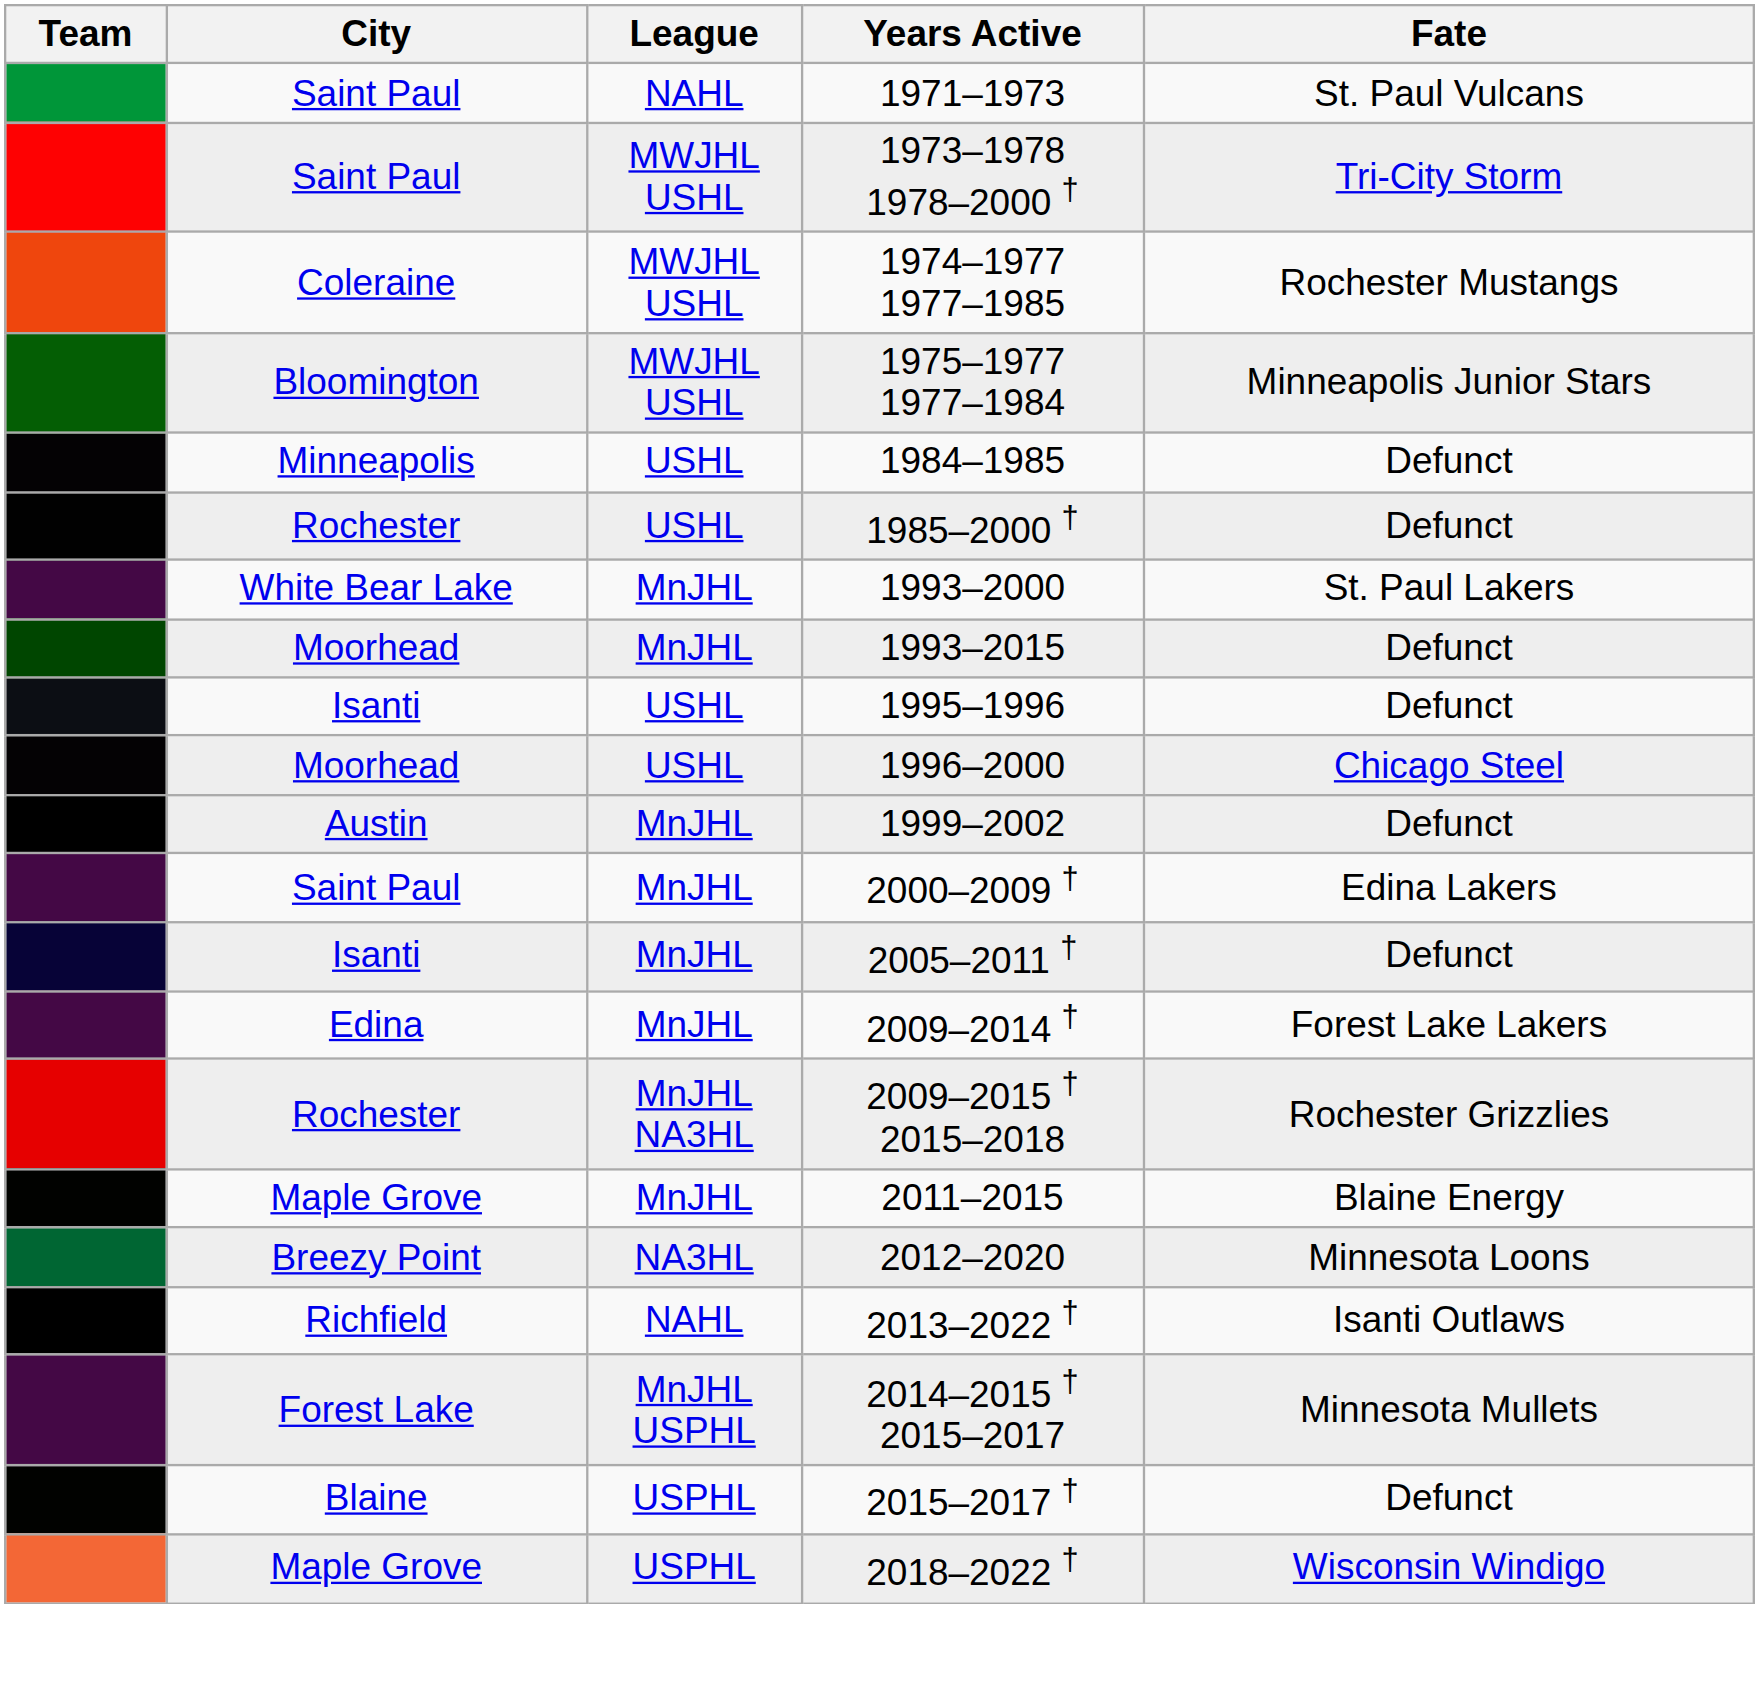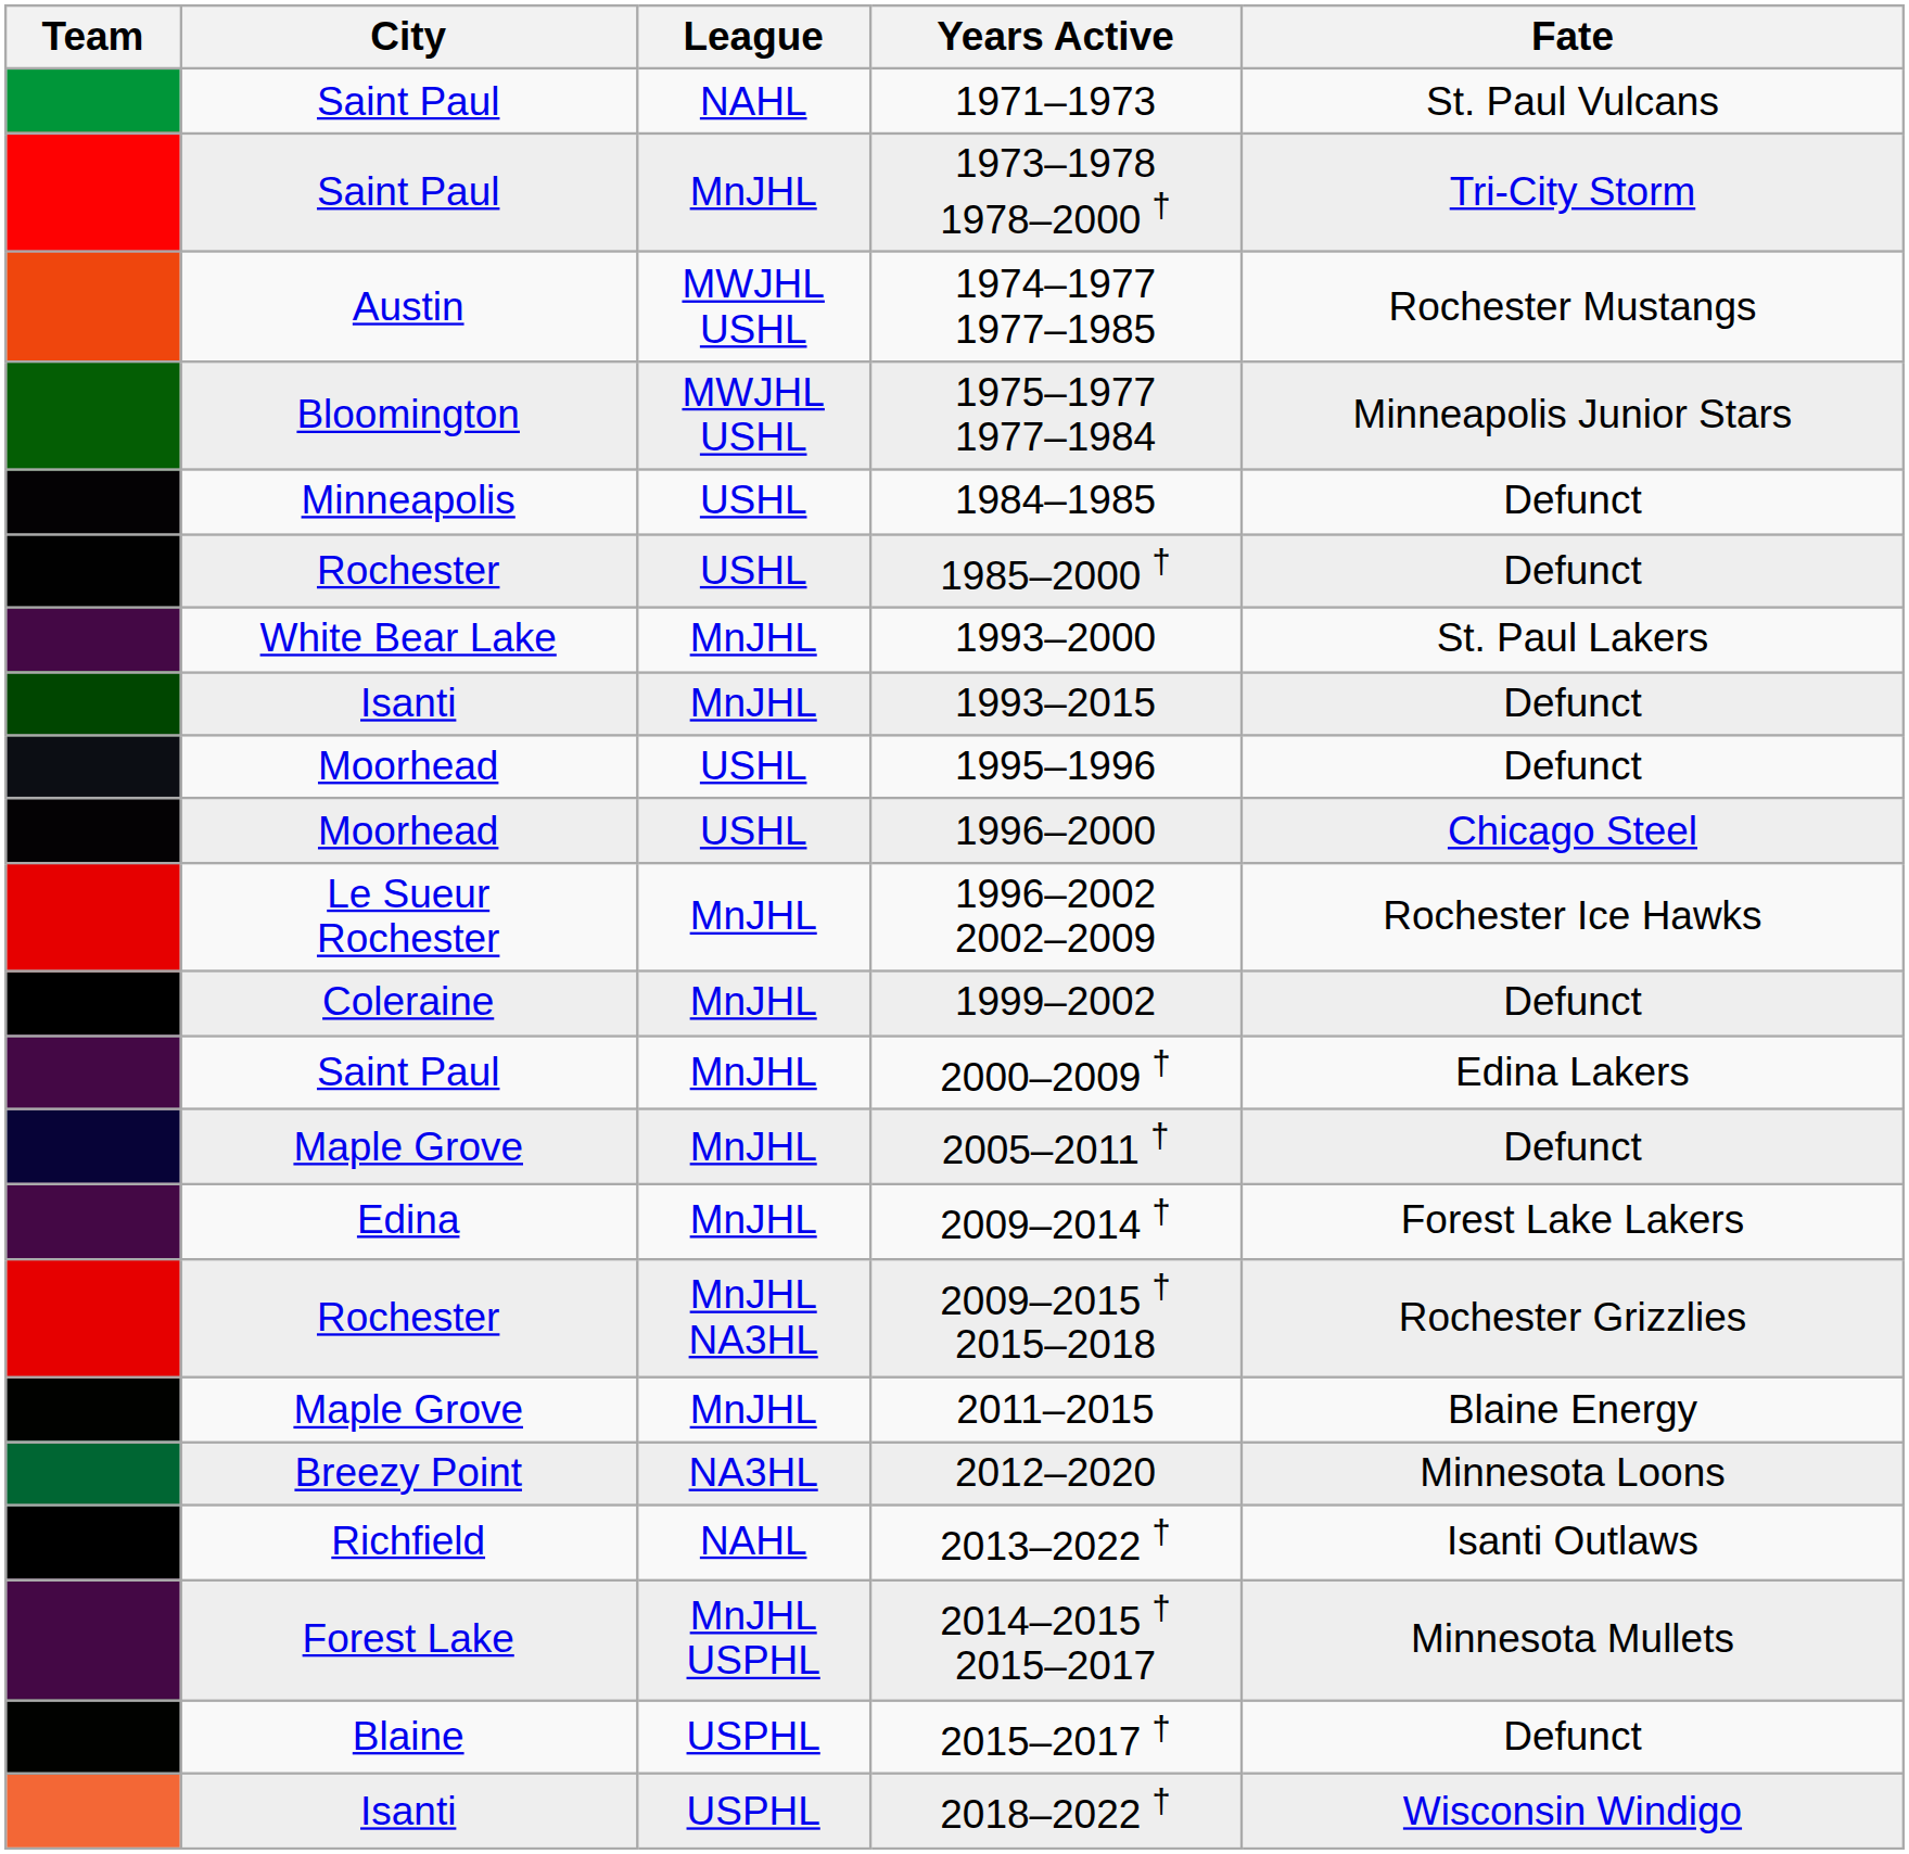 <table class="wikitable sortable" width="60%">
 <tr>
 <th>Team</th>
 <th>City</th>
 <th>League</th>
 <th>Years Active</th>
 <th>Fate</th>
 </tr>
 <tr align=center>
 <td style="color:white; background:#009639; "><strong><a href='#'></a></strong></td>
 <td><a href='#'>Saint Paul</a></td>
 <td><a href='#'>NAHL</a></td>
 <td>1971–1973</td>
 <td>St. Paul Vulcans</td>
 </tr>
 <tr align=center bgcolor=eeeeee>
 <td style="color:white; background:#fe0102; "><strong><a href='#'></a></strong></td>
 <td><a href='#'>Saint Paul</a></td>
-<td><a href='#'>MWJHL</a><br><a href='#'>USHL</a></td>
+<td><a href='#'>MnJHL</a></td>
 <td>1973–1978<br>1978–2000 <sup>†</sup></td>
 <td><a href='#'>Tri-City Storm</a></td>
 </tr>
 <tr align=center>
 <td style="color:white; background:#ef460d; "><strong><a href='#'></a></strong></td>
-<td><a href='#'>Coleraine</a></td>
+<td><a href='#'>Austin</a></td>
 <td><a href='#'>MWJHL</a><br><a href='#'>USHL</a></td>
 <td>1974–1977<br>1977–1985</td>
 <td>Rochester Mustangs</td>
 </tr>
 <tr align=center bgcolor=eeeeee>
 <td style="color:white; background:#045e04; "><strong><a href='#'></a></strong></td>
 <td><a href='#'>Bloomington</a></td>
 <td><a href='#'>MWJHL</a><br><a href='#'>USHL</a></td>
 <td>1975–1977<br>1977–1984</td>
 <td>Minneapolis Junior Stars</td>
 </tr>
 <tr align=center>
 <td style="color:white; background:#040204"><strong><a href='#'></a></strong></td>
 <td><a href='#'>Minneapolis</a></td>
 <td><a href='#'>USHL</a></td>
 <td>1984–1985</td>
 <td>Defunct</td>
 </tr>
 <tr align=center bgcolor=eeeeee>
 <td style="color:white; background:#010101; "><strong><a href='#'></a></strong></td>
 <td><a href='#'>Rochester</a></td>
 <td><a href='#'>USHL</a></td>
 <td>1985–2000 <sup>†</sup></td>
 <td>Defunct</td>
 </tr>
 <tr align=center>
 <td style="color:white; background:#440845; "><strong><a href='#'></a></strong></td>
 <td><a href='#'>White Bear Lake</a></td>
 <td><a href='#'>MnJHL</a></td>
 <td>1993–2000</td>
 <td>St. Paul Lakers</td>
 </tr>
 <tr align=center bgcolor=eeeeee>
 <td style="color:white; background:#004600; "><strong><a href='#'></a></strong></td>
-<td><a href='#'>Moorhead</a></td>
+<td><a href='#'>Isanti</a></td>
 <td><a href='#'>MnJHL</a></td>
 <td>1993–2015</td>
 <td>Defunct</td>
 </tr>
 <tr align=center>
 <td style="color:white; background:#0c0e14; "><strong><a href='#'></a></strong></td>
-<td><a href='#'>Isanti</a></td>
+<td><a href='#'>Moorhead</a></td>
 <td><a href='#'>USHL</a></td>
 <td>1995–1996</td>
 <td>Defunct</td>
 </tr>
 <tr align=center bgcolor=eeeeee>
 <td style="color:white; background:#040204; "><strong><a href='#'></a></strong></td>
 <td><a href='#'>Moorhead</a></td>
 <td><a href='#'>USHL</a></td>
 <td>1996–2000</td>
 <td><a href='#'>Chicago Steel</a></td>
 </tr>
+<tr align=center>
+<td style="color:white; background:#e60000; "><strong><a href='#'></a></strong></td>
+<td><a href='#'>Le Sueur</a><br><a href='#'>Rochester</a></td>
+<td><a href='#'>MnJHL</a></td>
+<td>1996–2002<br>2002–2009</td>
+<td>Rochester Ice Hawks</td>
+</tr>
 <tr align=center bgcolor=eeeeee>
 <td style="color:white; background:#000000; "><strong><a href='#'></a></strong></td>
-<td><a href='#'>Austin</a></td>
+<td><a href='#'>Coleraine</a></td>
 <td><a href='#'>MnJHL</a></td>
 <td>1999–2002</td>
 <td>Defunct</td>
 </tr>
 <tr align=center>
 <td style="color:white; background:#440845; "><strong><a href='#'></a></strong></td>
 <td><a href='#'>Saint Paul</a></td>
 <td><a href='#'>MnJHL</a></td>
 <td>2000–2009 <sup>†</sup></td>
 <td>Edina Lakers</td>
 </tr>
 <tr align=center bgcolor=eeeeee>
 <td style="color:white; background:#070337; "><strong><a href='#'></a></strong></td>
-<td><a href='#'>Isanti</a></td>
+<td><a href='#'>Maple Grove</a></td>
 <td><a href='#'>MnJHL</a></td>
 <td>2005–2011 <sup>†</sup></td>
 <td>Defunct</td>
 </tr>
 <tr align=center>
 <td style="color:white; background:#440845; "><strong><a href='#'></a></strong></td>
 <td><a href='#'>Edina</a></td>
 <td><a href='#'>MnJHL</a></td>
 <td>2009–2014 <sup>†</sup></td>
 <td>Forest Lake Lakers</td>
 </tr>
 <tr align=center bgcolor=eeeeee>
 <td style="color:white; background:#e60000; "><strong><a href='#'></a></strong></td>
 <td><a href='#'>Rochester</a></td>
 <td><a href='#'>MnJHL</a><br><a href='#'>NA3HL</a></td>
 <td>2009–2015 <sup>†</sup><br>2015–2018</td>
 <td>Rochester Grizzlies</td>
 </tr>
 <tr align=center>
 <td style="color:white; background:#010200; "><strong><a href='#'></a></strong></td>
 <td><a href='#'>Maple Grove</a></td>
 <td><a href='#'>MnJHL</a></td>
 <td>2011–2015</td>
 <td>Blaine Energy</td>
 </tr>
 <tr align=center bgcolor=eeeeee>
 <td style="color:white; background:#006633; "><strong><a href='#'></a></strong></td>
 <td><a href='#'>Breezy Point</a></td>
 <td><a href='#'>NA3HL</a></td>
 <td>2012–2020</td>
 <td>Minnesota Loons</td>
 </tr>
 <tr align=center>
 <td style="color:white; background:#000000; "><strong><a href='#'></a></strong></td>
 <td><a href='#'>Richfield</a></td>
 <td><a href='#'>NAHL</a></td>
 <td>2013–2022 <sup>†</sup></td>
 <td>Isanti Outlaws</td>
 </tr>
 <tr align=center bgcolor=eeeeee>
 <td style="color:white; background:#440845; "><strong><a href='#'></a></strong></td>
 <td><a href='#'>Forest Lake</a></td>
 <td><a href='#'>MnJHL</a><br><a href='#'>USPHL</a></td>
 <td>2014–2015 <sup>†</sup><br>2015–2017</td>
 <td>Minnesota Mullets</td>
 </tr>
 <tr align=center>
 <td style="color:white; background:#010200; "><strong><a href='#'></a></strong></td>
 <td><a href='#'>Blaine</a></td>
 <td><a href='#'>USPHL</a></td>
 <td>2015–2017 <sup>†</sup></td>
 <td>Defunct</td>
 </tr>
 <tr align=center bgcolor=eeeeee>
 <td style="color:white; background:#f36736; "><strong><a href='#'></a></strong></td>
-<td><a href='#'>Maple Grove</a></td>
+<td><a href='#'>Isanti</a></td>
 <td><a href='#'>USPHL</a></td>
 <td>2018–2022 <sup>†</sup></td>
 <td><a href='#'>Wisconsin Windigo</a></td>
 </tr>
 </table>
